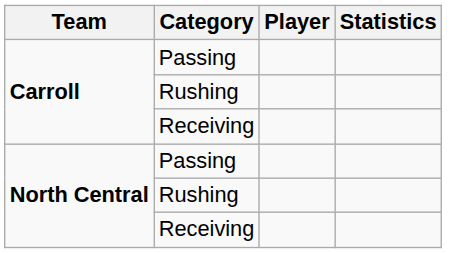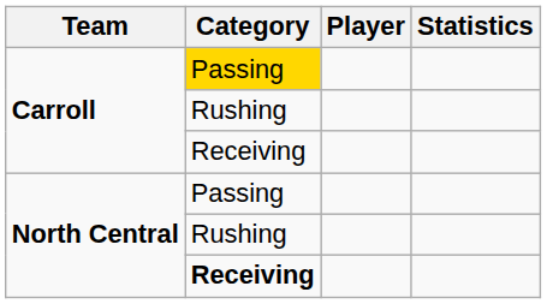 <table class="wikitable" style="float: left;">
 <tr>
 <th>Team</th>
 <th>Category</th>
 <th>Player</th>
 <th>Statistics</th>
 </tr>
 <tr>
 <td rowspan=3><strong>Carroll</strong></td>
-<td>Passing</td>
+<td style="background: gold;">Passing</td>
 <td></td>
 <td></td>
 </tr>
 <tr>
 <td>Rushing</td>
 <td></td>
 <td></td>
 </tr>
 <tr>
 <td>Receiving</td>
 <td></td>
 <td></td>
 </tr>
 <tr>
 <td rowspan=3><strong>North Central</strong></td>
 <td>Passing</td>
 <td></td>
 <td></td>
 </tr>
 <tr>
 <td>Rushing</td>
 <td></td>
 <td></td>
 </tr>
 <tr>
-<td>Receiving</td>
+<td><strong>Receiving</strong></td>
 <td></td>
 <td></td>
 </tr>
 </table>
